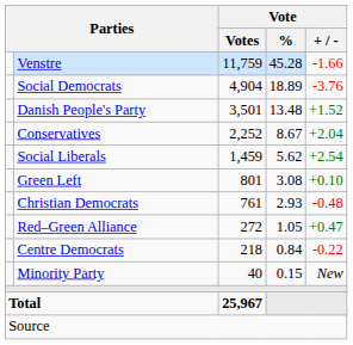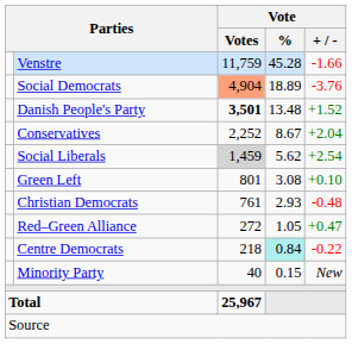 <table class="wikitable" style="text-align:right;">
 <tr>
 <th style="text-align:centre;" rowspan="2" colspan="2" width="225">Parties</th>
 <th colspan="3">Vote</th>
 </tr>
 <tr>
 <th width="15">Votes</th>
 <th width="15">%</th>
 <th width="15">+ / -</th>
 </tr>
 <tr>
 <td width="2" style="color:inherit;background:"></td>
 <td bgcolor=#cfe5fe  align="left"><a href='#'>Venstre</a></td>
 <td bgcolor=#cfe5fe>11,759</td>
 <td bgcolor=#cfe5fe>45.28</td>
 <td style=color:red;>-1.66</td>
 </tr>
 <tr>
 <td width="2" style="color:inherit;background:"></td>
 <td align="left"><a href='#'>Social Democrats</a></td>
-<td>4,904</td>
+<td style="background: lightsalmon;">4,904</td>
 <td>18.89</td>
 <td style=color:red;>-3.76</td>
 </tr>
 <tr>
 <td width="2" style="color:inherit;background:"></td>
 <td align="left"><a href='#'>Danish People's Party</a></td>
-<td>3,501</td>
+<td><strong>3,501</strong></td>
 <td>13.48</td>
 <td style=color:green;>+1.52</td>
 </tr>
 <tr>
 <td width="2" style="color:inherit;background:"></td>
 <td align="left"><a href='#'>Conservatives</a></td>
 <td>2,252</td>
 <td>8.67</td>
 <td style=color:green;>+2.04</td>
 </tr>
 <tr>
 <td width="2" style="color:inherit;background:"></td>
 <td align="left"><a href='#'>Social Liberals</a></td>
-<td>1,459</td>
+<td style="background: lightgrey;">1,459</td>
 <td>5.62</td>
 <td style=color:green;>+2.54</td>
 </tr>
 <tr>
 <td width="2" style="color:inherit;background:"></td>
 <td align="left"><a href='#'>Green Left</a></td>
 <td>801</td>
 <td>3.08</td>
 <td style=color:green;>+0.10</td>
 </tr>
 <tr>
 <td width="2" style="color:inherit;background:"></td>
 <td align="left"><a href='#'>Christian Democrats</a></td>
 <td>761</td>
 <td>2.93</td>
 <td style=color:red;>-0.48</td>
 </tr>
 <tr>
 <td width="2" style="color:inherit;background:"></td>
 <td align="left"><a href='#'>Red–Green Alliance</a></td>
 <td>272</td>
 <td>1.05</td>
 <td style=color:green;>+0.47</td>
 </tr>
 <tr>
 <td width="2" style="color:inherit;background:"></td>
 <td align="left"><a href='#'>Centre Democrats</a></td>
 <td>218</td>
-<td>0.84</td>
+<td style="background: paleturquoise;">0.84</td>
 <td style=color:red;>-0.22</td>
 </tr>
 <tr>
 <td width="2" style="color:inherit;background:"></td>
 <td align="left"><a href='#'>Minority Party</a></td>
 <td>40</td>
 <td>0.15</td>
 <td><em>New</em></td>
 </tr>
 <tr>
 <td colspan="7" bgcolor="#E9E9E9"></td>
 </tr>
 <tr>
 <td align="left" colspan="2"><strong>Total</strong></td>
 <td><strong>25,967</strong></td>
 <td bgcolor="#E9E9E9" colspan="2"></td>
 </tr>
 <tr>
 <td align="left" colspan="6">Source</td>
 </tr>
 </table>
